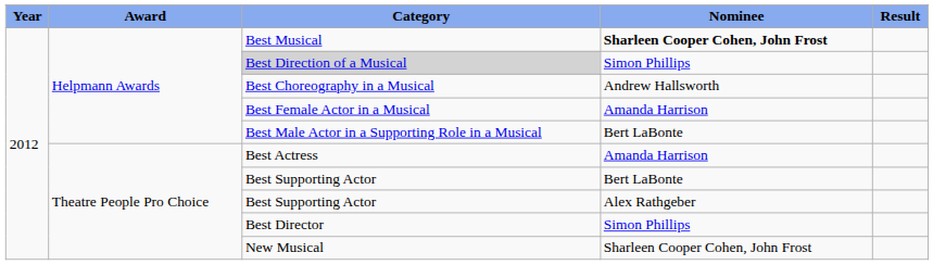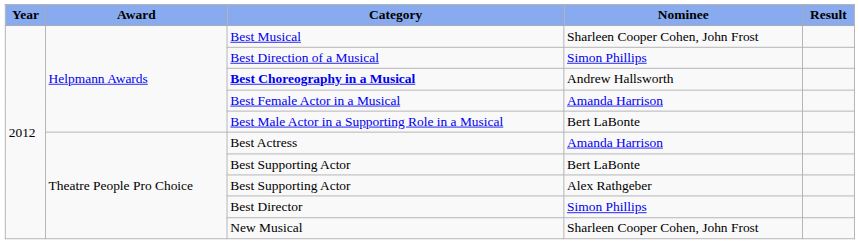 <table class="wikitable"  style="width:80%; margin:1em auto 1em auto;">
 <tr>
 <th style="background:#88AAEE;">Year</th>
 <th style="background:#88AAEE;">Award</th>
 <th style="background:#88AAEE;">Category</th>
 <th style="background:#88AAEE;">Nominee</th>
 <th style="background:#88AAEE;">Result</th>
 </tr>
 <tr>
 <td rowspan="10">2012</td>
 <td rowspan="5"><a href='#'>Helpmann Awards</a></td>
 <td><a href='#'>Best Musical</a></td>
-<td><strong>Sharleen Cooper Cohen, John Frost</strong></td>
+<td>Sharleen Cooper Cohen, John Frost</td>
 <td></td>
 </tr>
 <tr>
-<td style="background: lightgrey;"><a href='#'>Best Direction of a Musical</a></td>
+<td><a href='#'>Best Direction of a Musical</a></td>
 <td><a href='#'>Simon Phillips</a></td>
 <td></td>
 </tr>
 <tr>
-<td><a href='#'>Best Choreography in a Musical</a></td>
+<td><strong><a href='#'>Best Choreography in a Musical</a></strong></td>
 <td>Andrew Hallsworth</td>
 <td></td>
 </tr>
 <tr>
 <td><a href='#'>Best Female Actor in a Musical</a></td>
 <td><a href='#'>Amanda Harrison</a></td>
 <td></td>
 </tr>
 <tr>
 <td><a href='#'>Best Male Actor in a Supporting Role in a Musical</a></td>
 <td>Bert LaBonte</td>
 <td></td>
 </tr>
 <tr>
 <td rowspan="5">Theatre People Pro Choice </td>
 <td>Best Actress</td>
 <td><a href='#'>Amanda Harrison</a></td>
 <td></td>
 </tr>
 <tr>
 <td>Best Supporting Actor</td>
 <td>Bert LaBonte</td>
 <td></td>
 </tr>
 <tr>
 <td>Best Supporting Actor</td>
 <td>Alex Rathgeber</td>
 <td></td>
 </tr>
 <tr>
 <td>Best Director</td>
 <td><a href='#'>Simon Phillips</a></td>
 <td></td>
 </tr>
 <tr>
 <td>New Musical</td>
 <td>Sharleen Cooper Cohen, John Frost</td>
 <td></td>
 </tr>
 </table>
